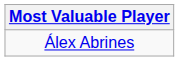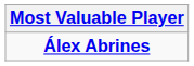 <table class=wikitable style="text-align:center; margin:auto">
 <tr>
 <th><a href='#'>Most Valuable Player</a></th>
 </tr>
 <tr>
-<td> <a href='#'>Álex Abrines</a></td>
+<td><strong> <a href='#'>Álex Abrines</a></strong></td>
 </tr>
 </table>
